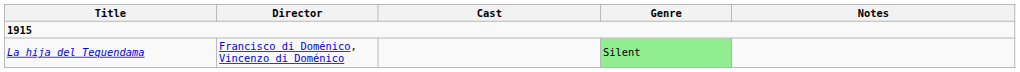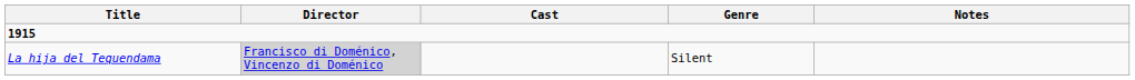 <table class="wikitable" width= "100%">
 <tr>
 <th width=21%>Title</th>
 <th width=16%>Director</th>
 <th width=22%>Cast</th>
 <th width=13%>Genre</th>
 <th width=28%>Notes</th>
 </tr>
 <tr>
 <td colspan="5" ><strong>1915</strong></td>
 </tr>
 <tr>
 <td><em><a href='#'>La hija del Tequendama</a></em></td>
-<td><a href='#'>Francisco di Doménico</a>, <a href='#'>Vincenzo di Doménico</a></td>
+<td style="background: lightgrey;"><a href='#'>Francisco di Doménico</a>, <a href='#'>Vincenzo di Doménico</a></td>
 <td></td>
-<td style="background: lightgreen;">Silent</td>
+<td>Silent</td>
 <td></td>
 </tr>
 </table>
